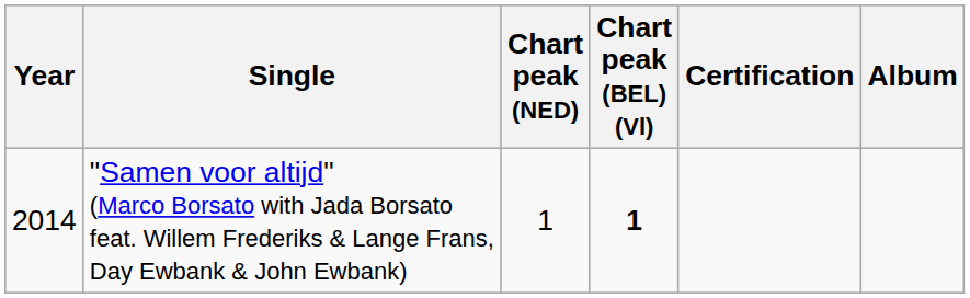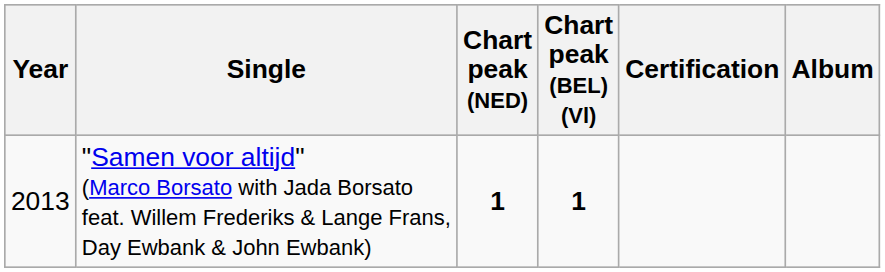 <table class="wikitable">
 <tr>
 <th>Year</th>
 <th>Single</th>
 <th>Chart <br>peak<br><small>(NED)<br></small></th>
 <th>Chart <br>peak<br><small>(BEL) <br>(Vl)<br></small></th>
 <th>Certification</th>
 <th>Album</th>
 </tr>
 <tr>
-<td>2014</td>
+<td>2013</td>
 <td>"<a href='#'>Samen voor altijd</a>" <br><small>(<a href='#'>Marco Borsato</a> with Jada Borsato <br>feat. Willem Frederiks & Lange Frans, <br>Day Ewbank & John Ewbank)</small></td>
-<td style="text-align:center;">1</td>
+<td style="text-align:center;"><strong>1</strong></td>
 <td style="text-align:center;"><strong>1</strong></td>
 <td style="text-align:center;"></td>
 <td style="text-align:center;"></td>
 </tr>
 </table>
